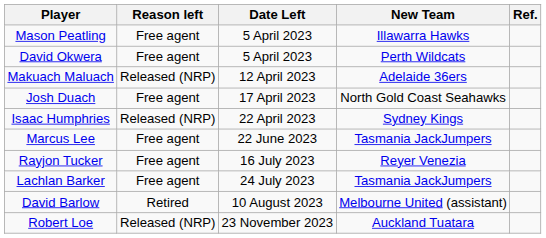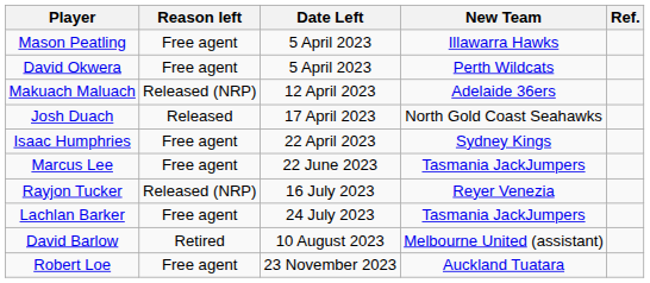 <table class="wikitable sortable sortable" style="text-align: center">
 <tr>
 <th>Player</th>
 <th>Reason left</th>
 <th>Date Left</th>
 <th>New Team</th>
 <th>Ref.</th>
 </tr>
 <tr>
 <td><a href='#'>Mason Peatling</a></td>
 <td>Free agent</td>
 <td>5 April 2023</td>
 <td><a href='#'>Illawarra Hawks</a></td>
 <td></td>
 </tr>
 <tr>
 <td><a href='#'>David Okwera</a></td>
 <td>Free agent</td>
 <td>5 April 2023</td>
 <td><a href='#'>Perth Wildcats</a></td>
 <td></td>
 </tr>
 <tr>
 <td><a href='#'>Makuach Maluach</a></td>
 <td>Released (NRP)</td>
 <td>12 April 2023</td>
 <td><a href='#'>Adelaide 36ers</a></td>
 <td></td>
 </tr>
 <tr>
 <td><a href='#'>Josh Duach</a></td>
-<td>Free agent</td>
+<td>Released</td>
 <td>17 April 2023</td>
 <td>North Gold Coast Seahawks</td>
 <td></td>
 </tr>
 <tr>
 <td><a href='#'>Isaac Humphries</a></td>
-<td>Released (NRP)</td>
+<td>Free agent</td>
 <td>22 April 2023</td>
 <td><a href='#'>Sydney Kings</a></td>
 <td></td>
 </tr>
 <tr>
 <td><a href='#'>Marcus Lee</a></td>
 <td>Free agent</td>
 <td>22 June 2023</td>
 <td><a href='#'>Tasmania JackJumpers</a></td>
 <td></td>
 </tr>
 <tr>
 <td><a href='#'>Rayjon Tucker</a></td>
-<td>Free agent</td>
+<td>Released (NRP)</td>
 <td>16 July 2023</td>
 <td><a href='#'>Reyer Venezia</a></td>
 <td></td>
 </tr>
 <tr>
 <td><a href='#'>Lachlan Barker</a></td>
 <td>Free agent</td>
 <td>24 July 2023</td>
 <td><a href='#'>Tasmania JackJumpers</a></td>
 <td></td>
 </tr>
 <tr>
 <td><a href='#'>David Barlow</a></td>
 <td>Retired</td>
 <td>10 August 2023</td>
 <td><a href='#'>Melbourne United</a> (assistant)</td>
 <td></td>
 </tr>
 <tr>
 <td><a href='#'>Robert Loe</a></td>
-<td>Released (NRP)</td>
+<td>Free agent</td>
 <td>23 November 2023</td>
 <td><a href='#'>Auckland Tuatara</a></td>
 <td></td>
 </tr>
 </table>
